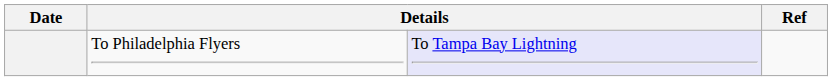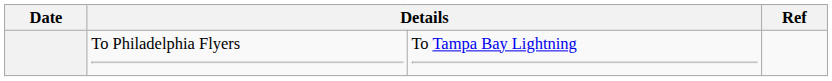 <table class="wikitable plainrowheaders" style="width: 50em;">
 <tr>
 <th scope="col">Date</th>
 <th scope="col" colspan="2">Details</th>
 <th scope="col">Ref</th>
 </tr>
 <tr>
 <th scope="row"></th>
 <td valign="top">To Philadelphia Flyers <hr></td>
-<td valign="top" style="background: lavender;">To <a href='#'>Tampa Bay Lightning</a> <hr></td>
+<td valign="top">To <a href='#'>Tampa Bay Lightning</a> <hr></td>
 <td></td>
 </tr>
 </table>
